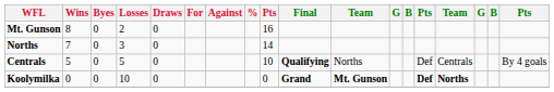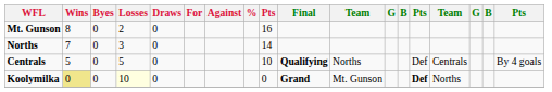 <table class="wikitable">
 <tr>
 <th style="color:crimson">WFL</th>
 <th style="color:crimson">Wins</th>
 <th style="color:crimson">Byes</th>
 <th style="color:crimson">Losses</th>
 <th style="color:crimson">Draws</th>
 <th style="color:crimson">For</th>
 <th style="color:crimson">Against</th>
 <th style="color:crimson">%</th>
 <th style="color:crimson">Pts</th>
 <th style="color:green">Final</th>
 <th style="color:green">Team</th>
 <th style="color:green">G</th>
 <th style="color:green">B</th>
 <th style="color:green">Pts</th>
 <th style="color:green">Team</th>
 <th style="color:green">G</th>
 <th style="color:green">B</th>
 <th style="color:green">Pts</th>
 </tr>
 <tr>
 <td><strong>	Mt. Gunson	</strong></td>
 <td>8</td>
 <td>0</td>
 <td>2</td>
 <td>0</td>
 <td></td>
 <td></td>
 <td></td>
 <td>16</td>
 <td></td>
 <td></td>
 <td></td>
 <td></td>
 <td></td>
 <td></td>
 <td></td>
 <td></td>
 <td></td>
 </tr>
 <tr>
 <td><strong>	Norths	</strong></td>
 <td>7</td>
 <td>0</td>
 <td>3</td>
 <td>0</td>
 <td></td>
 <td></td>
 <td></td>
 <td>14</td>
 <td></td>
 <td></td>
 <td></td>
 <td></td>
 <td></td>
 <td></td>
 <td></td>
 <td></td>
 <td></td>
 </tr>
 <tr>
 <td><strong>	Centrals	</strong></td>
 <td>5</td>
 <td>0</td>
 <td>5</td>
 <td>0</td>
 <td></td>
 <td></td>
 <td></td>
 <td>10</td>
 <td><strong>Qualifying</strong></td>
 <td>Norths</td>
 <td></td>
 <td></td>
 <td>Def</td>
 <td>Centrals</td>
 <td></td>
 <td></td>
 <td>By 4 goals</td>
 </tr>
 <tr>
 <td><strong>	Koolymilka	</strong></td>
+<td style="background: khaki;">0</td>
 <td>0</td>
-<td>0</td>
-<td>10</td>
+<td style="background: lightyellow;">10</td>
 <td>0</td>
 <td></td>
 <td></td>
 <td></td>
 <td>0</td>
 <td><strong>Grand</strong></td>
-<td><strong>Mt. Gunson</strong></td>
+<td>Mt. Gunson</td>
 <td></td>
 <td></td>
 <td><strong>Def</strong></td>
-<td><strong>Norths</strong></td>
+<td>Norths</td>
 <td></td>
 <td></td>
 <td></td>
 </tr>
 <tr>
 </tr>
 </table>
